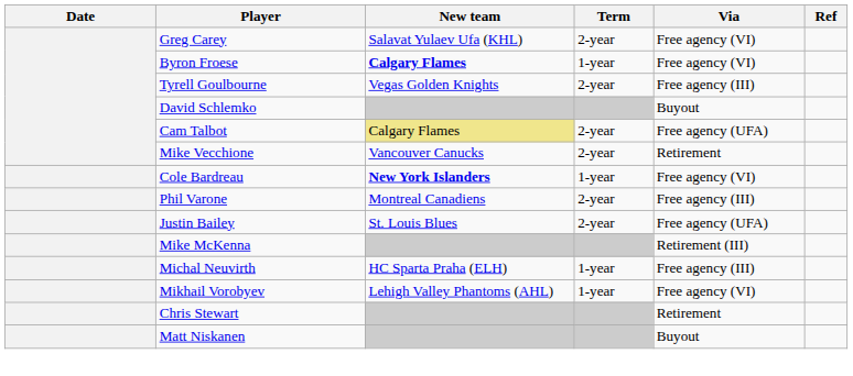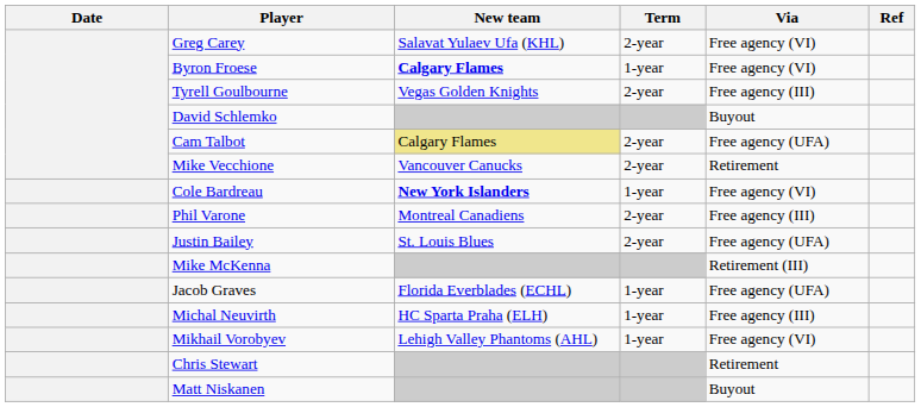 <table class="wikitable plainrowheaders">
 <tr style="background:#ddd; text-align:center;">
 <th style="width: 10em;">Date</th>
 <th style="width: 14em;">Player</th>
 <th style="width: 14em;">New team</th>
 <th style="width: 5em;">Term</th>
 <th style="width: 10em;">Via</th>
 <th style="width: 2.5em;">Ref</th>
 </tr>
 <tr>
 <th scope="row" rowspan=6></th>
 <td><a href='#'>Greg Carey</a></td>
 <td><a href='#'>Salavat Yulaev Ufa</a> (<a href='#'>KHL</a>)</td>
 <td>2-year</td>
 <td>Free agency (VI)</td>
 <td></td>
 </tr>
 <tr>
 <td><a href='#'>Byron Froese</a></td>
 <td><strong><a href='#'>Calgary Flames</a></strong></td>
 <td>1-year</td>
 <td>Free agency (VI)</td>
 <td></td>
 </tr>
 <tr>
 <td><a href='#'>Tyrell Goulbourne</a></td>
 <td><a href='#'>Vegas Golden Knights</a></td>
 <td>2-year</td>
 <td>Free agency (III)</td>
 <td></td>
 </tr>
 <tr>
 <td><a href='#'>David Schlemko</a></td>
 <td style="background:#ccc"></td>
 <td style="background:#ccc"></td>
 <td>Buyout</td>
 <td></td>
 </tr>
 <tr>
 <td><a href='#'>Cam Talbot</a></td>
 <td style="background: khaki;">Calgary Flames</td>
 <td>2-year</td>
 <td>Free agency (UFA)</td>
 <td></td>
 </tr>
 <tr>
 <td><a href='#'>Mike Vecchione</a></td>
 <td><a href='#'>Vancouver Canucks</a></td>
 <td>2-year</td>
 <td>Retirement</td>
 <td></td>
 </tr>
 <tr>
 <th scope="row"></th>
 <td><a href='#'>Cole Bardreau</a></td>
 <td><strong><a href='#'>New York Islanders</a></strong></td>
 <td>1-year</td>
 <td>Free agency (VI)</td>
 <td></td>
 </tr>
 <tr>
 <th scope="row"></th>
 <td><a href='#'>Phil Varone</a></td>
 <td><a href='#'>Montreal Canadiens</a></td>
 <td>2-year</td>
 <td>Free agency (III)</td>
 <td></td>
 </tr>
 <tr>
 <th scope="row"></th>
 <td><a href='#'>Justin Bailey</a></td>
 <td><a href='#'>St. Louis Blues</a></td>
 <td>2-year</td>
 <td>Free agency (UFA)</td>
 <td></td>
 </tr>
 <tr>
 <th scope="row"></th>
 <td><a href='#'>Mike McKenna</a></td>
 <td style="background:#ccc"></td>
 <td style="background:#ccc"></td>
 <td>Retirement (III)</td>
 <td></td>
 </tr>
 <tr>
 <th scope="row"></th>
+<td>Jacob Graves</td>
+<td><a href='#'>Florida Everblades</a> (<a href='#'>ECHL</a>)</td>
+<td>1-year</td>
+<td>Free agency (UFA)</td>
+<td></td>
+</tr>
+<tr>
+<th scope="row"></th>
 <td><a href='#'>Michal Neuvirth</a></td>
 <td><a href='#'>HC Sparta Praha</a> (<a href='#'>ELH</a>)</td>
 <td>1-year</td>
 <td>Free agency (III)</td>
 <td></td>
 </tr>
 <tr>
 <th scope="row"></th>
 <td><a href='#'>Mikhail Vorobyev</a></td>
 <td><a href='#'>Lehigh Valley Phantoms</a> (<a href='#'>AHL</a>)</td>
 <td>1-year</td>
 <td>Free agency (VI)</td>
 <td></td>
 </tr>
 <tr>
 <th scope="row"></th>
 <td><a href='#'>Chris Stewart</a></td>
 <td style="background:#ccc"></td>
 <td style="background:#ccc"></td>
 <td>Retirement</td>
 <td></td>
 </tr>
 <tr>
 <th scope="row"></th>
 <td><a href='#'>Matt Niskanen</a></td>
 <td style="background:#ccc"></td>
 <td style="background:#ccc"></td>
 <td>Buyout</td>
 <td></td>
 </tr>
 </table>
